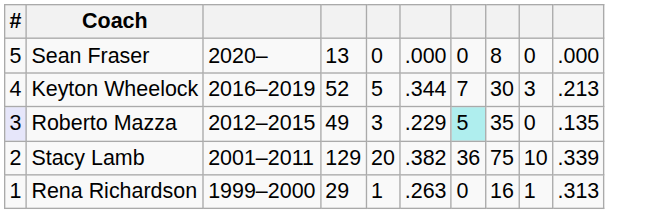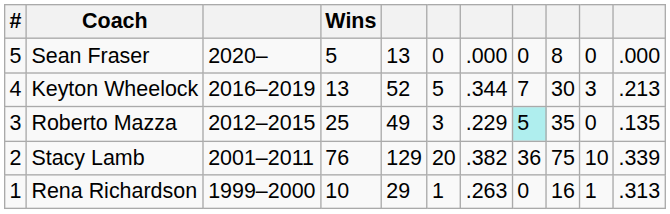 <table class= "wikitable">
 <tr>
 <th>#</th>
 <th>Coach</th>
 <th></th>
+<th>Wins</th>
 <th></th>
 <th></th>
 <th></th>
 <th></th>
 <th></th>
 <th></th>
 <th></th>
 </tr>
 <tr>
 <td>5</td>
 <td>Sean Fraser</td>
 <td>2020–</td>
+<td>5</td>
 <td>13</td>
 <td>0</td>
 <td>.000</td>
 <td>0</td>
 <td>8</td>
 <td>0</td>
 <td>.000</td>
 </tr>
 <tr>
 <td>4</td>
 <td>Keyton Wheelock</td>
 <td>2016–2019</td>
+<td>13</td>
 <td>52</td>
 <td>5</td>
 <td>.344</td>
 <td>7</td>
 <td>30</td>
 <td>3</td>
 <td>.213</td>
 </tr>
 <tr>
-<td style="background: lavender;">3</td>
+<td>3</td>
 <td>Roberto Mazza</td>
 <td>2012–2015</td>
+<td>25</td>
 <td>49</td>
 <td>3</td>
 <td>.229</td>
 <td style="background: paleturquoise;">5</td>
 <td>35</td>
 <td>0</td>
 <td>.135</td>
 </tr>
 <tr>
 <td>2</td>
 <td>Stacy Lamb</td>
 <td>2001–2011</td>
+<td>76</td>
 <td>129</td>
 <td>20</td>
 <td>.382</td>
 <td>36</td>
 <td>75</td>
 <td>10</td>
 <td>.339</td>
 </tr>
 <tr>
 <td>1</td>
 <td>Rena Richardson</td>
 <td>1999–2000</td>
+<td>10</td>
 <td>29</td>
 <td>1</td>
 <td>.263</td>
 <td>0</td>
 <td>16</td>
 <td>1</td>
 <td>.313</td>
 </tr>
 </table>
